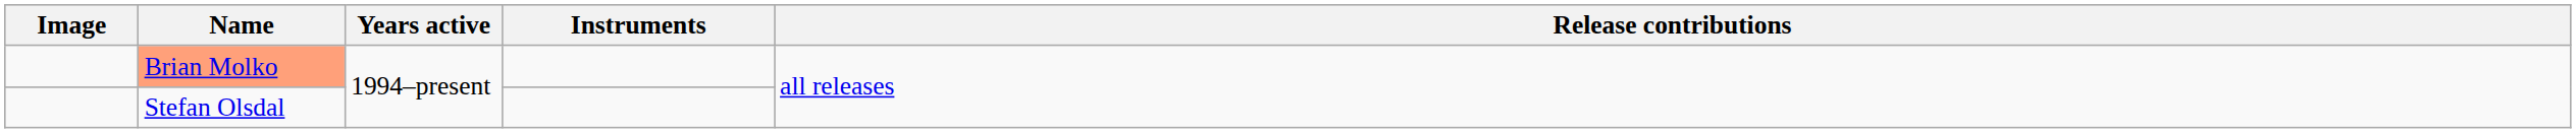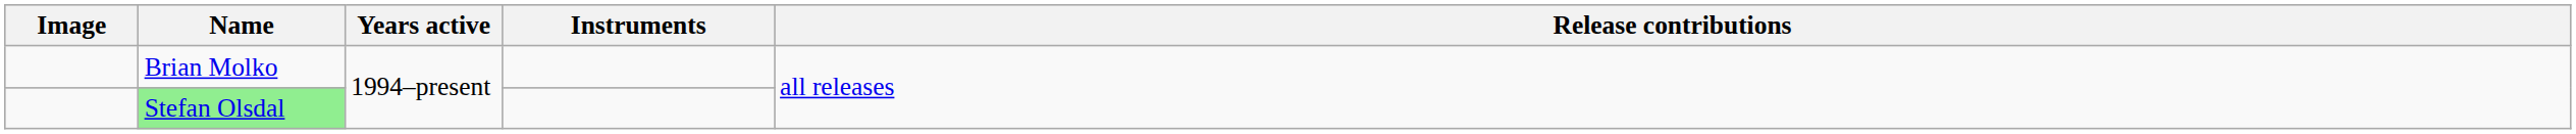 <table class="wikitable" width="100%" border="1">
 <tr>
 <th width="75">Image</th>
 <th width="120">Name</th>
 <th width="90">Years active</th>
 <th width="160">Instruments</th>
 <th>Release contributions</th>
 </tr>
 <tr>
 <td></td>
-<td style="background: lightsalmon;"><a href='#'>Brian Molko</a></td>
+<td><a href='#'>Brian Molko</a></td>
 <td rowspan="2">1994–present</td>
 <td></td>
 <td rowspan="2"><a href='#'>all releases</a></td>
 </tr>
 <tr>
 <td></td>
-<td><a href='#'>Stefan Olsdal</a></td>
+<td style="background: lightgreen;"><a href='#'>Stefan Olsdal</a></td>
 <td></td>
 </tr>
 </table>
